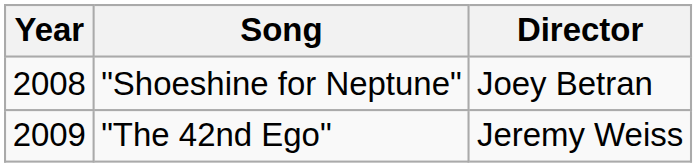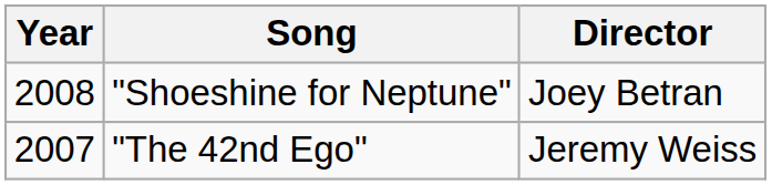 <table class="wikitable">
 <tr>
 <th>Year</th>
 <th>Song</th>
 <th>Director</th>
 </tr>
 <tr>
 <td>2008</td>
 <td>"Shoeshine for Neptune"</td>
 <td>Joey Betran</td>
 </tr>
 <tr>
-<td>2009</td>
+<td>2007</td>
 <td>"The 42nd Ego"</td>
 <td>Jeremy Weiss</td>
 </tr>
 </table>
